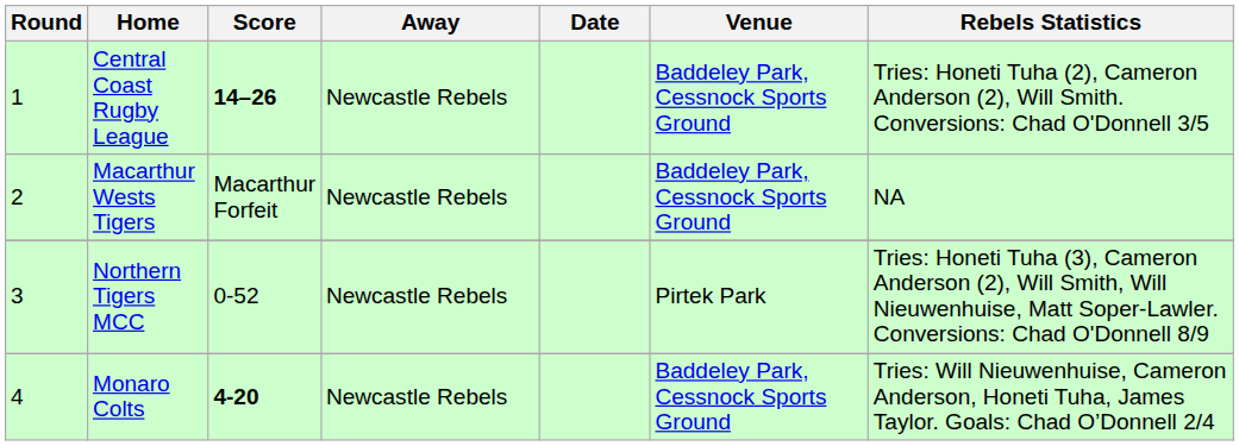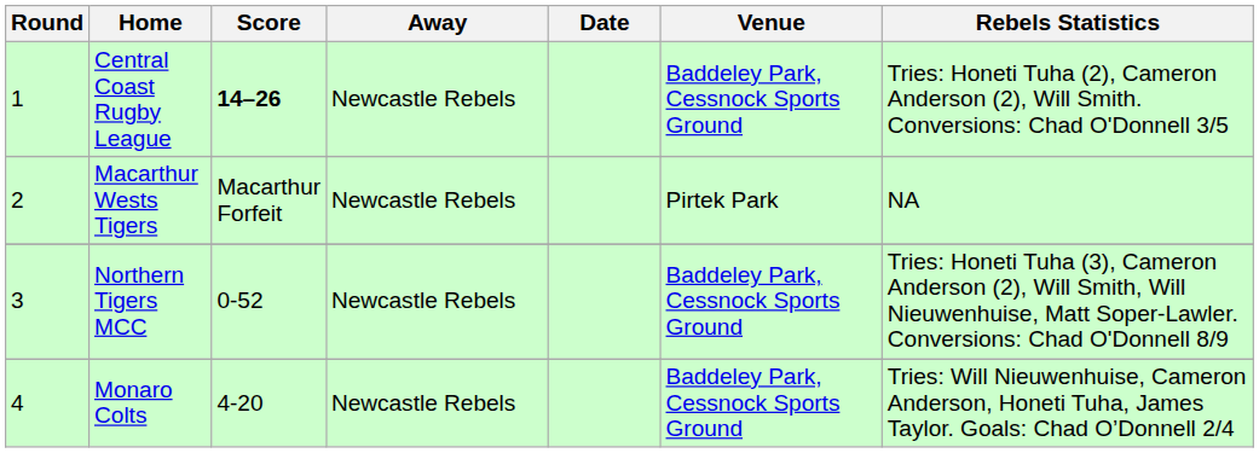 <table class="wikitable sortable">
 <tr>
 <th width=2%>Round</th>
 <th width=10%>Home</th>
 <th width=4%>Score</th>
 <th width=20%>Away</th>
 <th width=10%>Date</th>
 <th width=20%>Venue</th>
 <th width=34%>Rebels Statistics</th>
 </tr>
 <tr bgcolor=#ccffcc>
 <td>1</td>
 <td align=left><a href='#'>Central Coast Rugby League</a></td>
 <td><strong>14–26</strong></td>
 <td align=left>Newcastle Rebels</td>
 <td></td>
 <td><a href='#'>Baddeley Park, Cessnock Sports Ground</a></td>
 <td>Tries: Honeti Tuha (2), Cameron Anderson (2), Will Smith. Conversions: Chad O'Donnell 3/5</td>
 </tr>
 <tr>
 </tr>
 <tr bgcolor=#ccffcc>
 <td>2</td>
 <td align=left><a href='#'>Macarthur Wests Tigers</a></td>
 <td>Macarthur Forfeit</td>
 <td align=left>Newcastle Rebels</td>
 <td></td>
-<td><a href='#'>Baddeley Park, Cessnock Sports Ground</a></td>
+<td>Pirtek Park</td>
 <td>NA</td>
 </tr>
 <tr>
 </tr>
 <tr bgcolor=#ccffcc>
 <td>3</td>
 <td align=left><a href='#'>Northern Tigers MCC</a></td>
 <td>0-52</td>
 <td align=left>Newcastle Rebels</td>
 <td></td>
-<td>Pirtek Park</td>
+<td><a href='#'>Baddeley Park, Cessnock Sports Ground</a></td>
 <td>Tries: Honeti Tuha (3), Cameron Anderson (2), Will Smith, Will Nieuwenhuise, Matt Soper-Lawler. Conversions: Chad O'Donnell 8/9</td>
 </tr>
 <tr>
 </tr>
 <tr bgcolor=#ccffcc>
 <td>4</td>
 <td align=left><a href='#'>Monaro Colts</a></td>
-<td><strong>4-20</strong></td>
+<td>4-20</td>
 <td align=left>Newcastle Rebels</td>
 <td></td>
 <td><a href='#'>Baddeley Park, Cessnock Sports Ground</a></td>
 <td>Tries: Will Nieuwenhuise, Cameron Anderson, Honeti Tuha, James Taylor. Goals: Chad O’Donnell 2/4</td>
 </tr>
 </table>
